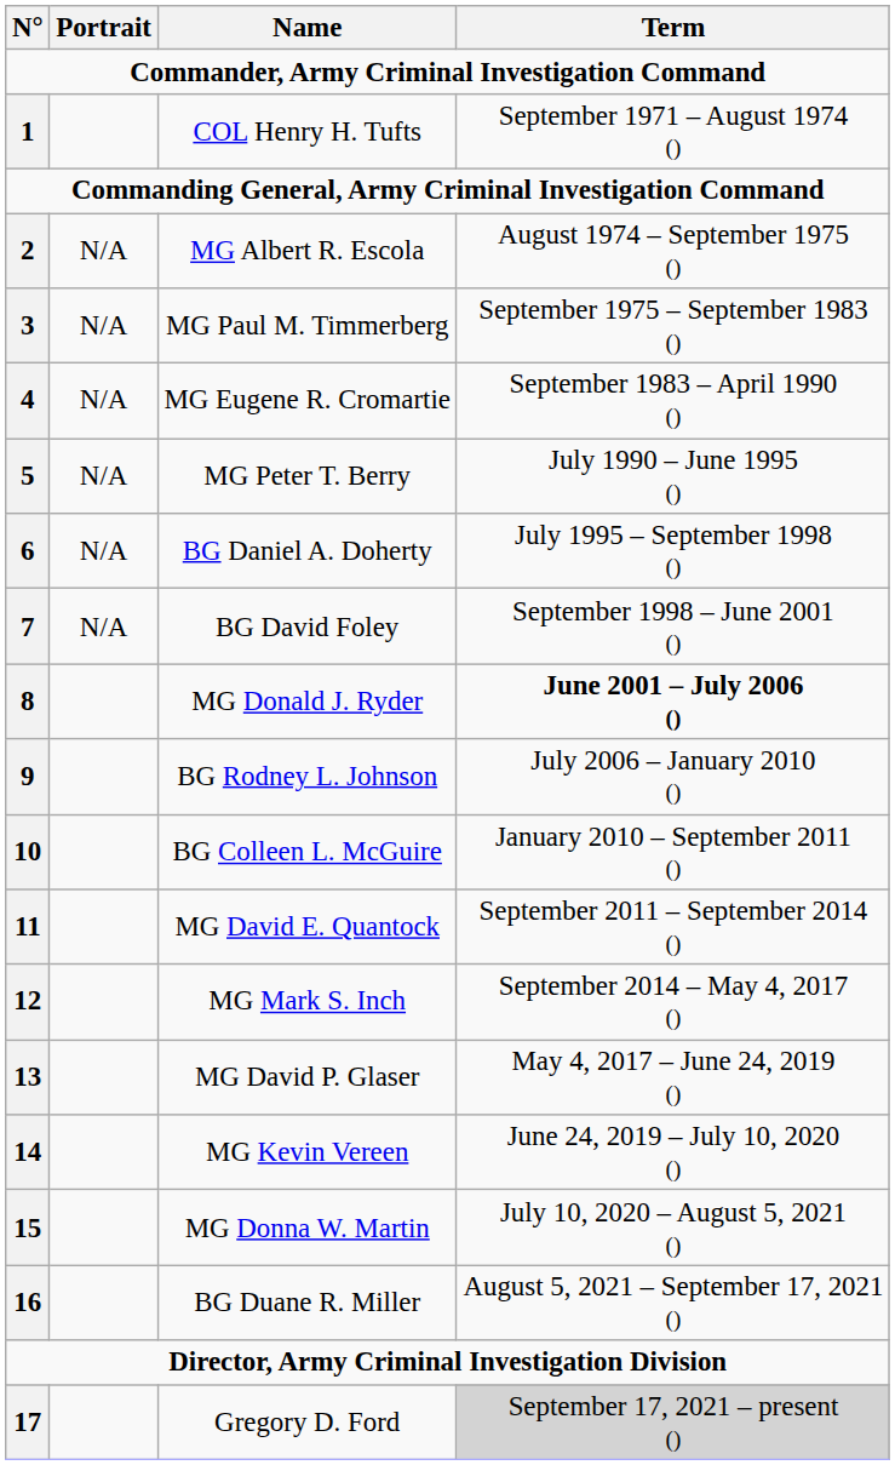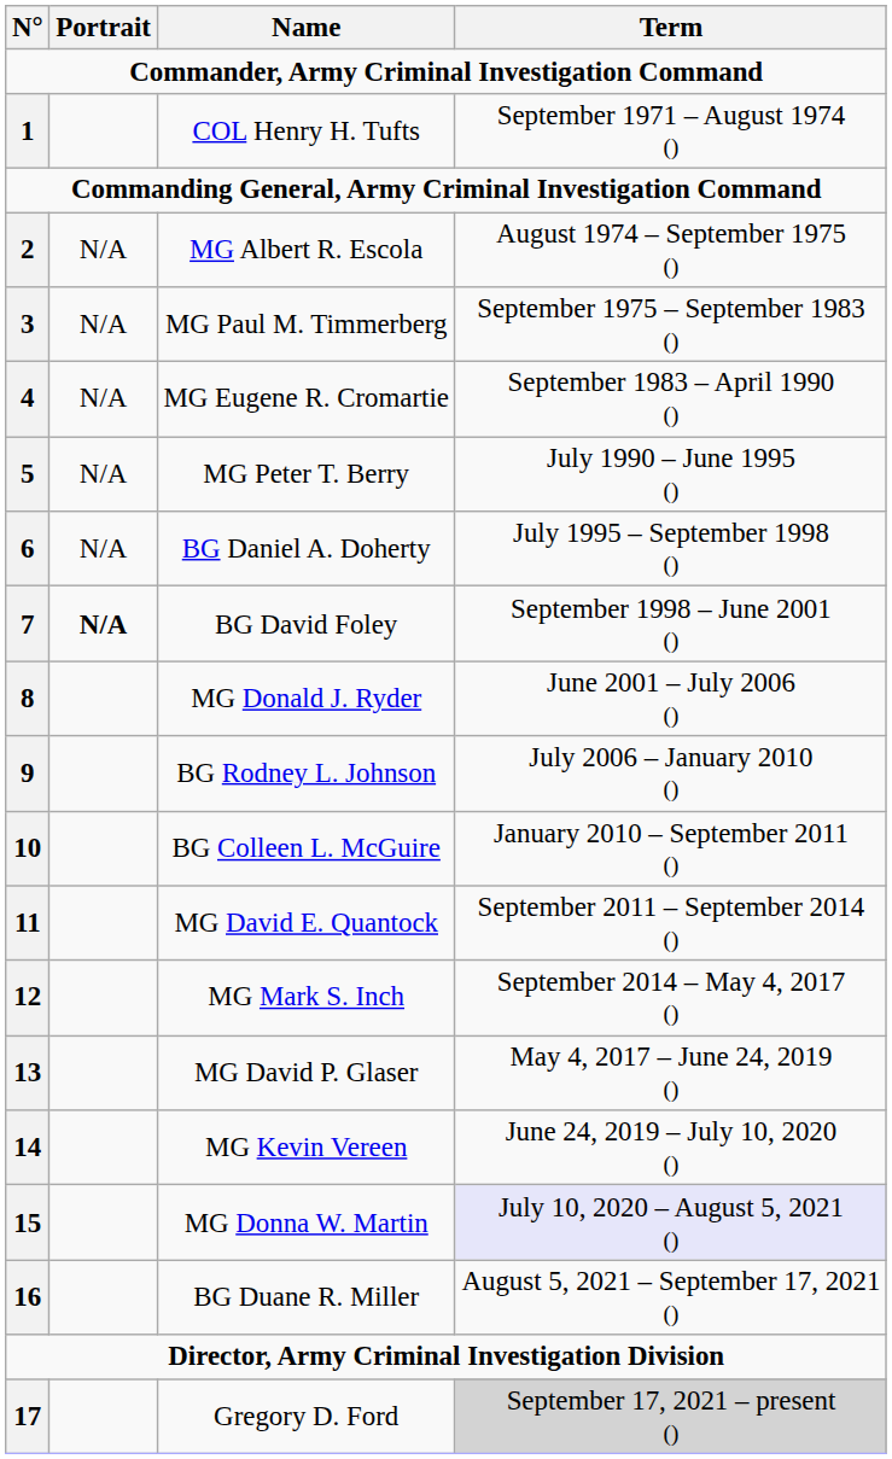 <table class="wikitable" style="text-align:center; border:1px #AAAAFF solid">
 <tr>
 <th>N°</th>
 <th>Portrait</th>
 <th>Name</th>
 <th>Term</th>
 </tr>
 <tr>
 <td style="text-align:center;" colspan=4><strong>Commander, Army Criminal Investigation Command</strong></td>
 </tr>
 <tr>
 <th>1</th>
 <td></td>
 <td><a href='#'>COL</a> Henry H. Tufts</td>
 <td>September 1971 – August 1974<br><small>()</small></td>
 </tr>
 <tr>
 <td style="text-align:center;" colspan=4><strong>Commanding General, Army Criminal Investigation Command</strong></td>
 </tr>
 <tr>
 <th>2</th>
 <td>N/A</td>
 <td><a href='#'>MG</a> Albert R. Escola</td>
 <td>August 1974 – September 1975<br><small>()</small></td>
 </tr>
 <tr>
 <th>3</th>
 <td>N/A</td>
 <td>MG Paul M. Timmerberg</td>
 <td>September 1975 – September 1983<br><small>()</small></td>
 </tr>
 <tr>
 <th>4</th>
 <td>N/A</td>
 <td>MG Eugene R. Cromartie</td>
 <td>September 1983 – April 1990<br><small>()</small></td>
 </tr>
 <tr>
 <th>5</th>
 <td>N/A</td>
 <td>MG Peter T. Berry</td>
 <td>July 1990 – June 1995<br><small>()</small></td>
 </tr>
 <tr>
 <th>6</th>
 <td>N/A</td>
 <td><a href='#'>BG</a> Daniel A. Doherty</td>
 <td>July 1995 – September 1998<br><small>()</small></td>
 </tr>
 <tr>
 <th>7</th>
-<td>N/A</td>
+<td><strong>N/A</strong></td>
 <td>BG David Foley</td>
 <td>September 1998 – June 2001<br><small>()</small></td>
 </tr>
 <tr>
 <th>8</th>
 <td></td>
 <td>MG <a href='#'>Donald J. Ryder</a></td>
-<td><strong>June 2001 – July 2006<br><small>()</small></strong></td>
+<td>June 2001 – July 2006<br><small>()</small></td>
 </tr>
 <tr>
 <th>9</th>
 <td></td>
 <td>BG <a href='#'>Rodney L. Johnson</a></td>
 <td>July 2006 – January 2010<br><small>()</small></td>
 </tr>
 <tr>
 <th>10</th>
 <td></td>
 <td>BG <a href='#'>Colleen L. McGuire</a></td>
 <td>January 2010 – September 2011<br><small>()</small></td>
 </tr>
 <tr>
 <th>11</th>
 <td></td>
 <td>MG <a href='#'>David E. Quantock</a></td>
 <td>September 2011 – September 2014<br><small>()</small></td>
 </tr>
 <tr>
 <th>12</th>
 <td></td>
 <td>MG <a href='#'>Mark S. Inch</a></td>
 <td>September 2014 – May 4, 2017<br><small>()</small></td>
 </tr>
 <tr>
 <th>13</th>
 <td></td>
 <td>MG David P. Glaser</td>
 <td>May 4, 2017 – June 24, 2019<br><small>()</small></td>
 </tr>
 <tr>
 <th>14</th>
 <td></td>
 <td>MG <a href='#'>Kevin Vereen</a></td>
 <td>June 24, 2019 – July 10, 2020<br><small>()</small></td>
 </tr>
 <tr>
 <th>15</th>
 <td></td>
 <td>MG <a href='#'>Donna W. Martin</a></td>
-<td>July 10, 2020 – August 5, 2021<br><small>()</small></td>
+<td style="background: lavender;">July 10, 2020 – August 5, 2021<br><small>()</small></td>
 </tr>
 <tr>
 <th>16</th>
 <td></td>
 <td>BG Duane R. Miller</td>
 <td>August 5, 2021 – September 17, 2021<br><small>()</small></td>
 </tr>
 <tr>
 <td style="text-align:center;" colspan=4><strong>Director, Army Criminal Investigation Division</strong></td>
 </tr>
 <tr>
 <th>17</th>
 <td></td>
 <td>Gregory D. Ford</td>
 <td style="background: lightgrey;">September 17, 2021 – present<br><small>()</small></td>
 </tr>
 <tr>
 </tr>
 </table>
